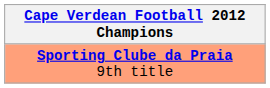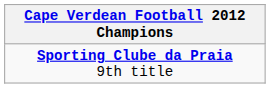 <table class="wikitable" style="margin: 0 auto; width: 240px;">
 <tr>
 <th><a href='#'>Cape Verdean Football</a> 2012<br>Champions</th>
 </tr>
 <tr>
-<td align=center style="background: lightsalmon;"><strong><a href='#'>Sporting Clube da Praia</a></strong><br>9th title</td>
+<td align=center><strong><a href='#'>Sporting Clube da Praia</a></strong><br>9th title</td>
 </tr>
 </table>
